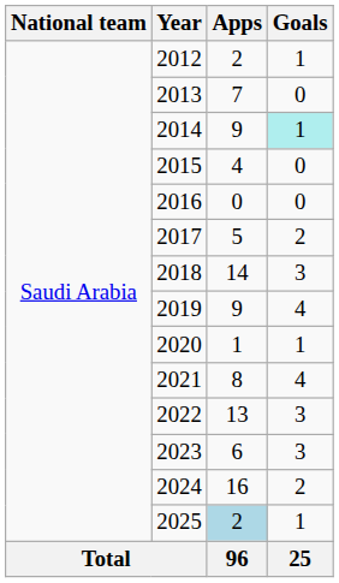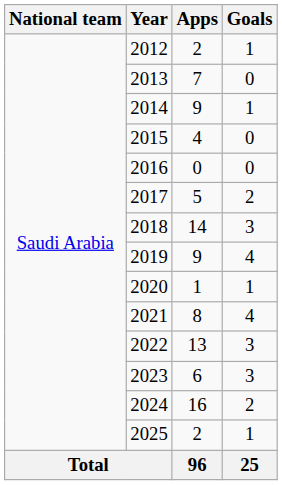 <table class="wikitable" style="text-align:center">
 <tr>
 <th>National team</th>
 <th>Year</th>
 <th>Apps</th>
 <th>Goals</th>
 </tr>
 <tr>
 <td rowspan="14"><a href='#'>Saudi Arabia</a></td>
 <td>2012</td>
 <td>2</td>
 <td>1</td>
 </tr>
 <tr>
 <td>2013</td>
 <td>7</td>
 <td>0</td>
 </tr>
 <tr>
 <td>2014</td>
 <td>9</td>
-<td style="background: paleturquoise;">1</td>
+<td>1</td>
 </tr>
 <tr>
 <td>2015</td>
 <td>4</td>
 <td>0</td>
 </tr>
 <tr>
 <td>2016</td>
 <td>0</td>
 <td>0</td>
 </tr>
 <tr>
 <td>2017</td>
 <td>5</td>
 <td>2</td>
 </tr>
 <tr>
 <td>2018</td>
 <td>14</td>
 <td>3</td>
 </tr>
 <tr>
 <td>2019</td>
 <td>9</td>
 <td>4</td>
 </tr>
 <tr>
 <td>2020</td>
 <td>1</td>
 <td>1</td>
 </tr>
 <tr>
 <td>2021</td>
 <td>8</td>
 <td>4</td>
 </tr>
 <tr>
 <td>2022</td>
 <td>13</td>
 <td>3</td>
 </tr>
 <tr>
 <td>2023</td>
 <td>6</td>
 <td>3</td>
 </tr>
 <tr>
 <td>2024</td>
 <td>16</td>
 <td>2</td>
 </tr>
 <tr>
 <td>2025</td>
-<td style="background: lightblue;">2</td>
+<td>2</td>
 <td>1</td>
 </tr>
 <tr>
 <th colspan="2">Total</th>
 <th>96</th>
 <th>25</th>
 </tr>
 </table>
